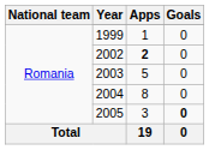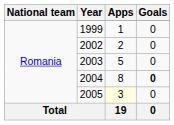 <table class="wikitable" style="text-align:center">
 <tr>
 <th>National team</th>
 <th>Year</th>
 <th>Apps</th>
 <th>Goals</th>
 </tr>
 <tr>
 <td rowspan="6"><a href='#'>Romania</a></td>
 </tr>
 <tr>
 <td>1999</td>
 <td>1</td>
 <td>0</td>
 </tr>
 <tr>
 <td>2002</td>
-<td><strong>2</strong></td>
+<td>2</td>
 <td>0</td>
 </tr>
 <tr>
 <td>2003</td>
 <td>5</td>
 <td>0</td>
 </tr>
 <tr>
 <td>2004</td>
 <td>8</td>
-<td>0</td>
+<td><strong>0</strong></td>
 </tr>
 <tr>
 <td>2005</td>
-<td>3</td>
-<td><strong>0</strong></td>
+<td style="background: lightyellow;">3</td>
+<td>0</td>
 </tr>
 <tr>
 <th colspan=2>Total</th>
 <th>19</th>
 <th>0</th>
 </tr>
 </table>
